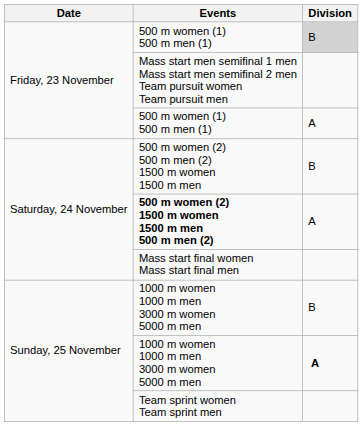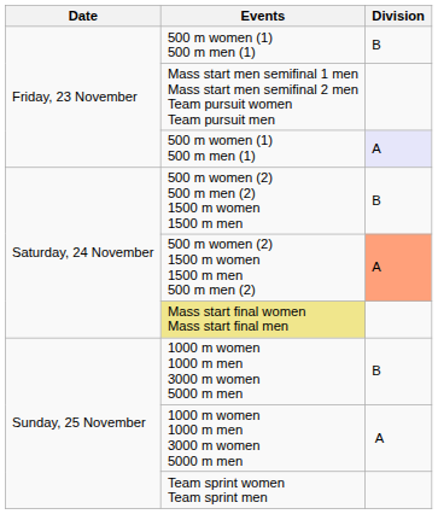 <table class="wikitable" border="1">
 <tr>
 <th> Date </th>
 <th> Events </th>
 <th> Division </th>
 </tr>
 <tr>
 <td rowspan=3> Friday, 23 November </td>
 <td> 500 m women (1) <br> 500 m men (1) </td>
-<td style="background: lightgrey;"> B </td>
+<td> B </td>
 </tr>
 <tr>
 <td> Mass start men semifinal 1 men  <br>  Mass start men semifinal 2 men  <br>  Team pursuit women  <br> Team pursuit men </td>
 <td></td>
 </tr>
 <tr>
 <td> 500 m women (1) <br> 500 m men (1) </td>
-<td> A </td>
+<td style="background: lavender;"> A </td>
 </tr>
 <tr>
 <td rowspan=3> Saturday, 24 November </td>
 <td> 500 m women (2) <br> 500 m men (2) <br> 1500 m women <br> 1500 m men </td>
 <td> B </td>
 </tr>
 <tr>
-<td><strong> 500 m women (2)  <br>  1500 m women <br> 1500 m men <br> 500 m men (2) </strong></td>
-<td> A </td>
+<td> 500 m women (2)  <br>  1500 m women <br> 1500 m men <br> 500 m men (2) </td>
+<td style="background: lightsalmon;"> A </td>
 </tr>
 <tr>
-<td> Mass start final women   <br>  Mass start final men </td>
+<td style="background: khaki;"> Mass start final women   <br>  Mass start final men </td>
 <td></td>
 </tr>
 <tr>
 <td rowspan=3> Sunday, 25 November </td>
 <td> 1000 m women <br> 1000 m men <br> 3000 m women <br> 5000 m men </td>
 <td> B </td>
 </tr>
 <tr>
 <td> 1000 m women <br> 1000 m men <br> 3000 m women <br> 5000 m men </td>
-<td><strong>  A </strong></td>
+<td>  A </td>
 </tr>
 <tr>
 <td> Team sprint women <br> Team sprint men </td>
 <td></td>
 </tr>
 </table>
